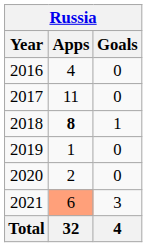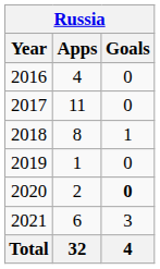 <table class="wikitable" style="text-align:center">
 <tr>
 <th colspan=3><a href='#'>Russia</a></th>
 </tr>
 <tr>
 <th>Year</th>
 <th>Apps</th>
 <th>Goals</th>
 </tr>
 <tr>
 <td>2016</td>
 <td>4</td>
 <td>0</td>
 </tr>
 <tr>
 <td>2017</td>
 <td>11</td>
 <td>0</td>
 </tr>
 <tr>
 <td>2018</td>
-<td><strong>8</strong></td>
+<td>8</td>
 <td>1</td>
 </tr>
 <tr>
 <td>2019</td>
 <td>1</td>
 <td>0</td>
 </tr>
 <tr>
 <td>2020</td>
 <td>2</td>
-<td>0</td>
+<td><strong>0</strong></td>
 </tr>
 <tr>
 <td>2021</td>
-<td style="background: lightsalmon;">6</td>
+<td>6</td>
 <td>3</td>
 </tr>
 <tr>
 <th>Total</th>
 <th>32</th>
 <th>4</th>
 </tr>
 </table>
